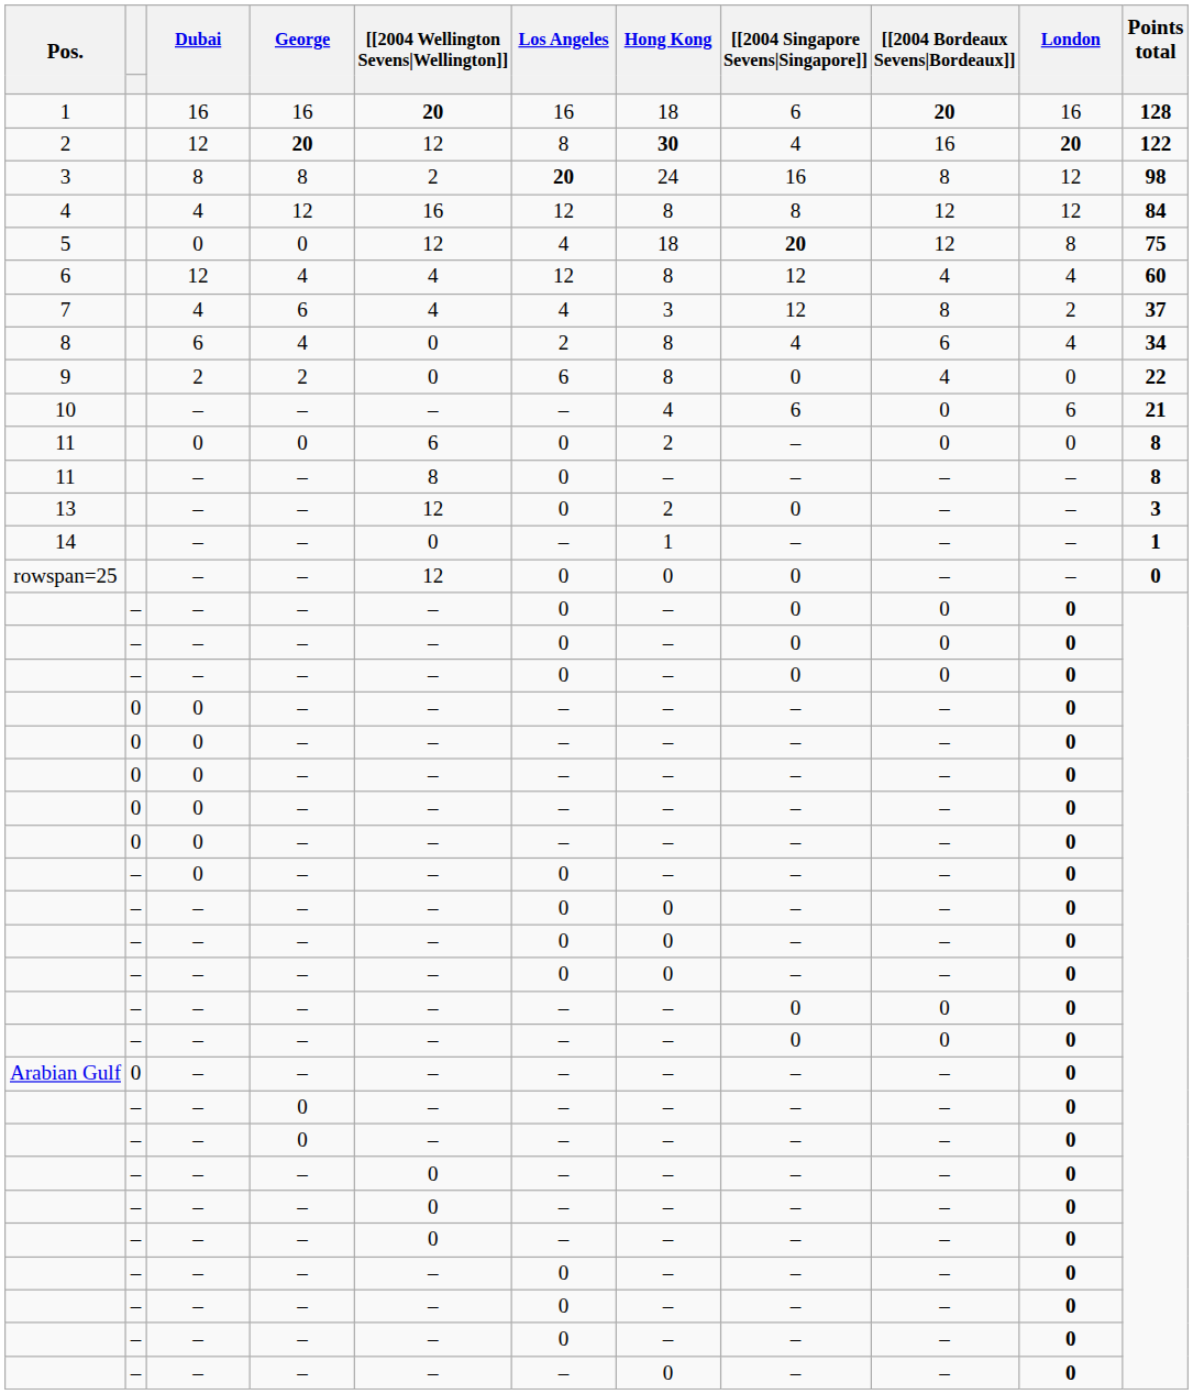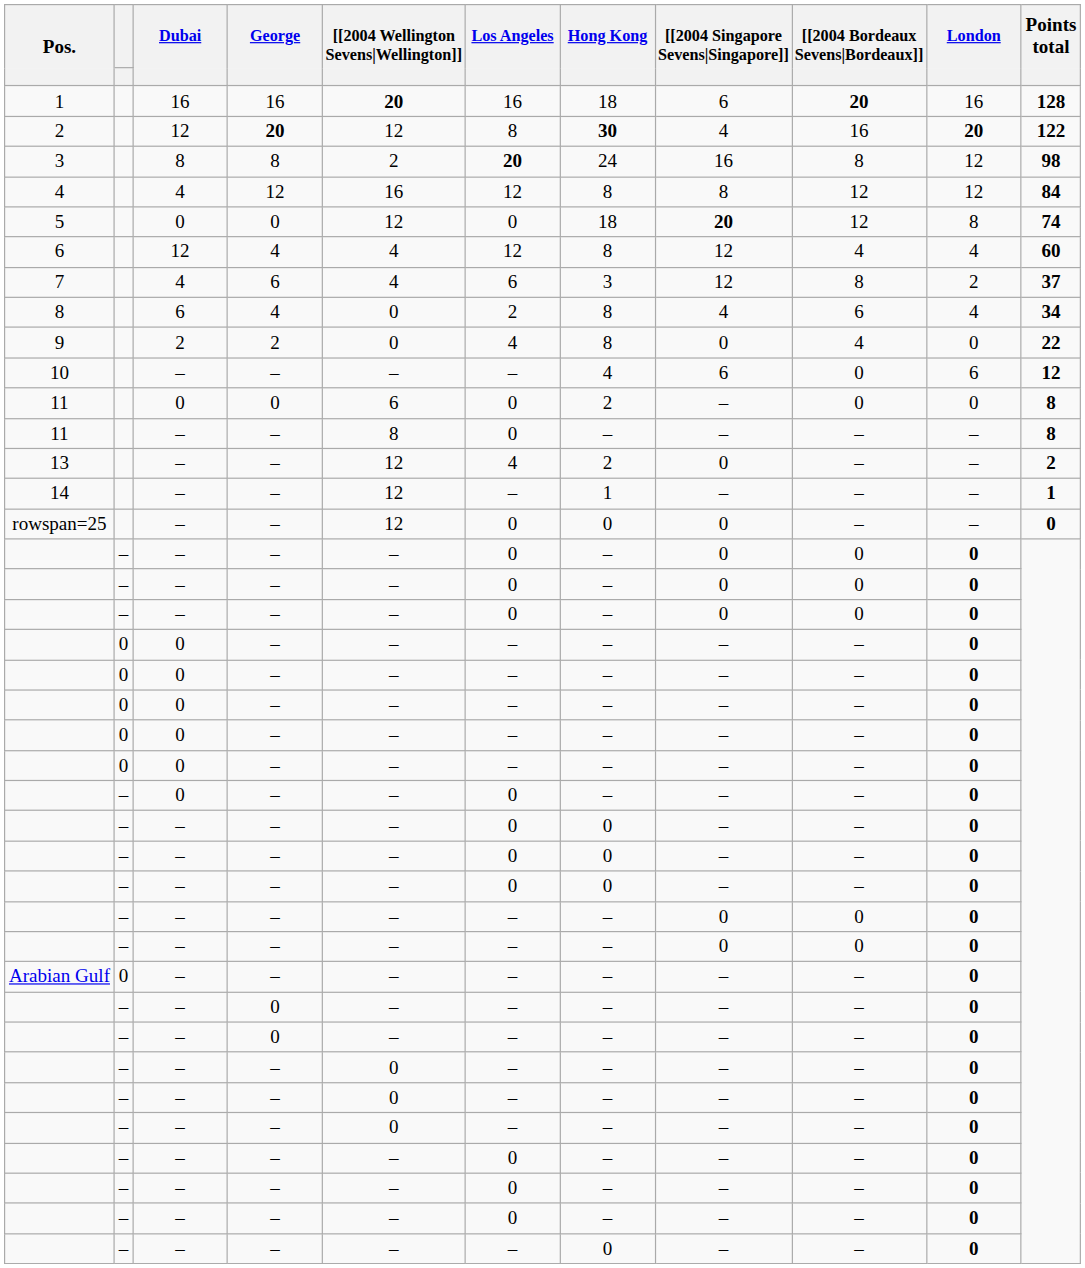 <table class="wikitable sortable" style="text-align:center;">
 <tr>
 <th style="border-bottom:1px solid transparent;"><br>Pos.</th>
 <th></th>
 <th style="vertical-align:top;width:5.5em;border-bottom:1px solid transparent;padding:2px;font-size:85%;"><br><a href='#'>Dubai</a></th>
 <th style="vertical-align:top;width:5.5em;border-bottom:1px solid transparent;padding:2px;font-size:85%;"><br><a href='#'>George</a></th>
 <th style="vertical-align:top;width:5.5em;border-bottom:1px solid transparent;padding:2px;font-size:85%;"><br>[[2004 Wellington Sevens|Wellington]]</th>
 <th style="vertical-align:top;width:5.5em;border-bottom:1px solid transparent;padding:2px;font-size:85%;"><br><a href='#'>Los Angeles</a></th>
 <th style="vertical-align:top;width:5.5em;border-bottom:1px solid transparent;padding:2px;font-size:85%;"><br><a href='#'>Hong Kong</a></th>
 <th style="vertical-align:top;width:5.5em;border-bottom:1px solid transparent;padding:2px;font-size:85%;"><br>[[2004 Singapore Sevens|Singapore]]</th>
 <th style="vertical-align:top;width:5.5em;border-bottom:1px solid transparent;padding:2px;font-size:85%;"><br>[[2004 Bordeaux Sevens|Bordeaux]]</th>
 <th style="vertical-align:top;width:5.5em;border-bottom:1px solid transparent;padding:2px;font-size:85%;"><br><a href='#'>London</a></th>
 <th style="border-bottom:1px solid transparent;">Points<br>total</th>
 </tr>
 <tr style="line-height:8px;">
 <th style="border-top:1px solid transparent;"> </th>
 <th style="border-top:1px solid transparent;"></th>
 <th data-sort-type="number" style="border-top:1px solid transparent;"></th>
 <th data-sort-type="number" style="border-top:1px solid transparent;"></th>
 <th data-sort-type="number" style="border-top:1px solid transparent;"></th>
 <th data-sort-type="number" style="border-top:1px solid transparent;"></th>
 <th data-sort-type="number" style="border-top:1px solid transparent;"></th>
 <th data-sort-type="number" style="border-top:1px solid transparent;"></th>
 <th data-sort-type="number" style="border-top:1px solid transparent;"></th>
 <th data-sort-type="number" style="border-top:1px solid transparent;"></th>
 <th data-sort-type="number" style="border-top:1px solid transparent;"> </th>
 </tr>
 <tr>
 <td>1</td>
 <td align=left></td>
 <td>16</td>
 <td>16</td>
 <td><strong>20</strong></td>
 <td>16</td>
 <td>18</td>
 <td>6</td>
 <td><strong>20</strong></td>
 <td>16</td>
 <td><strong>128</strong></td>
 </tr>
 <tr>
 <td>2</td>
 <td align=left></td>
 <td>12</td>
 <td><strong>20</strong></td>
 <td>12</td>
 <td>8</td>
 <td><strong>30</strong></td>
 <td>4</td>
 <td>16</td>
 <td><strong>20</strong></td>
 <td><strong>122</strong></td>
 </tr>
 <tr>
 <td>3</td>
 <td align=left></td>
 <td>8</td>
 <td>8</td>
 <td>2</td>
 <td><strong>20</strong></td>
 <td>24</td>
 <td>16</td>
 <td>8</td>
 <td>12</td>
 <td><strong>98</strong></td>
 </tr>
 <tr>
 <td>4</td>
 <td align=left></td>
 <td>4</td>
 <td>12</td>
 <td>16</td>
 <td>12</td>
 <td>8</td>
 <td>8</td>
 <td>12</td>
 <td>12</td>
 <td><strong>84</strong></td>
 </tr>
 <tr>
 <td>5</td>
 <td></td>
 <td>0</td>
 <td>0</td>
 <td>12</td>
-<td>4</td>
+<td>0</td>
 <td>18</td>
 <td><strong>20</strong></td>
 <td>12</td>
 <td>8</td>
-<td><strong>75</strong></td>
+<td><strong>74</strong></td>
 </tr>
 <tr>
 <td>6</td>
 <td align=left></td>
 <td>12</td>
 <td>4</td>
 <td>4</td>
 <td>12</td>
 <td>8</td>
 <td>12</td>
 <td>4</td>
 <td>4</td>
 <td><strong>60</strong></td>
 </tr>
 <tr>
 <td>7</td>
 <td align=left></td>
 <td>4</td>
 <td>6</td>
 <td>4</td>
-<td>4</td>
+<td>6</td>
 <td>3</td>
 <td>12</td>
 <td>8</td>
 <td>2</td>
 <td><strong>37</strong></td>
 </tr>
 <tr>
 <td>8</td>
 <td align=left></td>
 <td>6</td>
 <td>4</td>
 <td>0</td>
 <td>2</td>
 <td>8</td>
 <td>4</td>
 <td>6</td>
 <td>4</td>
 <td><strong>34</strong></td>
 </tr>
 <tr>
 <td>9</td>
 <td align=left></td>
 <td>2</td>
 <td>2</td>
 <td>0</td>
-<td>6</td>
+<td>4</td>
 <td>8</td>
 <td>0</td>
 <td>4</td>
 <td>0</td>
 <td><strong>22</strong></td>
 </tr>
 <tr>
 <td>10</td>
 <td align=left></td>
 <td>–</td>
 <td>–</td>
 <td>–</td>
 <td>–</td>
 <td>4</td>
 <td>6</td>
 <td>0</td>
 <td>6</td>
-<td><strong>21</strong></td>
+<td><strong>12</strong></td>
 </tr>
 <tr>
 <td>11</td>
 <td align=left></td>
 <td>0</td>
 <td>0</td>
 <td>6</td>
 <td>0</td>
 <td>2</td>
 <td>–</td>
 <td>0</td>
 <td>0</td>
 <td><strong>8</strong></td>
 </tr>
 <tr>
 <td>11</td>
 <td align=left></td>
 <td>–</td>
 <td>–</td>
 <td>8</td>
 <td>0</td>
 <td>–</td>
 <td>–</td>
 <td>–</td>
 <td>–</td>
 <td><strong>8</strong></td>
 </tr>
 <tr>
 <td>13</td>
 <td align=left></td>
 <td>–</td>
 <td>–</td>
 <td>12</td>
-<td>0</td>
+<td>4</td>
 <td>2</td>
 <td>0</td>
 <td>–</td>
 <td>–</td>
-<td><strong>3</strong></td>
+<td><strong>2</strong></td>
 </tr>
 <tr>
 <td>14</td>
 <td align=left></td>
 <td>–</td>
 <td>–</td>
-<td>0</td>
+<td>12</td>
 <td>–</td>
 <td>1</td>
 <td>–</td>
 <td>–</td>
 <td>–</td>
 <td><strong>1</strong></td>
 </tr>
 <tr>
 <td>rowspan=25 </td>
 <td align=left></td>
 <td>–</td>
 <td>–</td>
 <td>12</td>
 <td>0</td>
 <td>0</td>
 <td>0</td>
 <td>–</td>
 <td>–</td>
 <td><strong>0</strong></td>
 </tr>
 <tr>
 <td align=left></td>
 <td>–</td>
 <td>–</td>
 <td>–</td>
 <td>–</td>
 <td>0</td>
 <td>–</td>
 <td>0</td>
 <td>0</td>
 <td><strong>0</strong></td>
 </tr>
 <tr>
 <td align=left></td>
 <td>–</td>
 <td>–</td>
 <td>–</td>
 <td>–</td>
 <td>0</td>
 <td>–</td>
 <td>0</td>
 <td>0</td>
 <td><strong>0</strong></td>
 </tr>
 <tr>
 <td align=left></td>
 <td>–</td>
 <td>–</td>
 <td>–</td>
 <td>–</td>
 <td>0</td>
 <td>–</td>
 <td>0</td>
 <td>0</td>
 <td><strong>0</strong></td>
 </tr>
 <tr>
 <td align=left></td>
 <td>0</td>
 <td>0</td>
 <td>–</td>
 <td>–</td>
 <td>–</td>
 <td>–</td>
 <td>–</td>
 <td>–</td>
 <td><strong>0</strong></td>
 </tr>
 <tr>
 <td align=left></td>
 <td>0</td>
 <td>0</td>
 <td>–</td>
 <td>–</td>
 <td>–</td>
 <td>–</td>
 <td>–</td>
 <td>–</td>
 <td><strong>0</strong></td>
 </tr>
 <tr>
 <td align=left></td>
 <td>0</td>
 <td>0</td>
 <td>–</td>
 <td>–</td>
 <td>–</td>
 <td>–</td>
 <td>–</td>
 <td>–</td>
 <td><strong>0</strong></td>
 </tr>
 <tr>
 <td align=left></td>
 <td>0</td>
 <td>0</td>
 <td>–</td>
 <td>–</td>
 <td>–</td>
 <td>–</td>
 <td>–</td>
 <td>–</td>
 <td><strong>0</strong></td>
 </tr>
 <tr>
 <td align=left></td>
 <td>0</td>
 <td>0</td>
 <td>–</td>
 <td>–</td>
 <td>–</td>
 <td>–</td>
 <td>–</td>
 <td>–</td>
 <td><strong>0</strong></td>
 </tr>
 <tr>
 <td align=left></td>
 <td>–</td>
 <td>0</td>
 <td>–</td>
 <td>–</td>
 <td>0</td>
 <td>–</td>
 <td>–</td>
 <td>–</td>
 <td><strong>0</strong></td>
 </tr>
 <tr>
 <td align=left></td>
 <td>–</td>
 <td>–</td>
 <td>–</td>
 <td>–</td>
 <td>0</td>
 <td>0</td>
 <td>–</td>
 <td>–</td>
 <td><strong>0</strong></td>
 </tr>
 <tr>
 <td align=left></td>
 <td>–</td>
 <td>–</td>
 <td>–</td>
 <td>–</td>
 <td>0</td>
 <td>0</td>
 <td>–</td>
 <td>–</td>
 <td><strong>0</strong></td>
 </tr>
 <tr>
 <td align=left></td>
 <td>–</td>
 <td>–</td>
 <td>–</td>
 <td>–</td>
 <td>0</td>
 <td>0</td>
 <td>–</td>
 <td>–</td>
 <td><strong>0</strong></td>
 </tr>
 <tr>
 <td align=left></td>
 <td>–</td>
 <td>–</td>
 <td>–</td>
 <td>–</td>
 <td>–</td>
 <td>–</td>
 <td>0</td>
 <td>0</td>
 <td><strong>0</strong></td>
 </tr>
 <tr>
 <td align=left></td>
 <td>–</td>
 <td>–</td>
 <td>–</td>
 <td>–</td>
 <td>–</td>
 <td>–</td>
 <td>0</td>
 <td>0</td>
 <td><strong>0</strong></td>
 </tr>
 <tr>
 <td align=left> <a href='#'>Arabian Gulf</a></td>
 <td>0</td>
 <td>–</td>
 <td>–</td>
 <td>–</td>
 <td>–</td>
 <td>–</td>
 <td>–</td>
 <td>–</td>
 <td><strong>0</strong></td>
 </tr>
 <tr>
 <td align=left></td>
 <td>–</td>
 <td>–</td>
 <td>0</td>
 <td>–</td>
 <td>–</td>
 <td>–</td>
 <td>–</td>
 <td>–</td>
 <td><strong>0</strong></td>
 </tr>
 <tr>
 <td align=left></td>
 <td>–</td>
 <td>–</td>
 <td>0</td>
 <td>–</td>
 <td>–</td>
 <td>–</td>
 <td>–</td>
 <td>–</td>
 <td><strong>0</strong></td>
 </tr>
 <tr>
 <td align=left></td>
 <td>–</td>
 <td>–</td>
 <td>–</td>
 <td>0</td>
 <td>–</td>
 <td>–</td>
 <td>–</td>
 <td>–</td>
 <td><strong>0</strong></td>
 </tr>
 <tr>
 <td align=left></td>
 <td>–</td>
 <td>–</td>
 <td>–</td>
 <td>0</td>
 <td>–</td>
 <td>–</td>
 <td>–</td>
 <td>–</td>
 <td><strong>0</strong></td>
 </tr>
 <tr>
 <td align=left></td>
 <td>–</td>
 <td>–</td>
 <td>–</td>
 <td>0</td>
 <td>–</td>
 <td>–</td>
 <td>–</td>
 <td>–</td>
 <td><strong>0</strong></td>
 </tr>
 <tr>
 <td align=left></td>
 <td>–</td>
 <td>–</td>
 <td>–</td>
 <td>–</td>
 <td>0</td>
 <td>–</td>
 <td>–</td>
 <td>–</td>
 <td><strong>0</strong></td>
 </tr>
 <tr>
 <td align=left></td>
 <td>–</td>
 <td>–</td>
 <td>–</td>
 <td>–</td>
 <td>0</td>
 <td>–</td>
 <td>–</td>
 <td>–</td>
 <td><strong>0</strong></td>
 </tr>
 <tr>
 <td align=left></td>
 <td>–</td>
 <td>–</td>
 <td>–</td>
 <td>–</td>
 <td>0</td>
 <td>–</td>
 <td>–</td>
 <td>–</td>
 <td><strong>0</strong></td>
 </tr>
 <tr>
 <td align=left></td>
 <td>–</td>
 <td>–</td>
 <td>–</td>
 <td>–</td>
 <td>–</td>
 <td>0</td>
 <td>–</td>
 <td>–</td>
 <td><strong>0</strong></td>
 </tr>
 </table>
